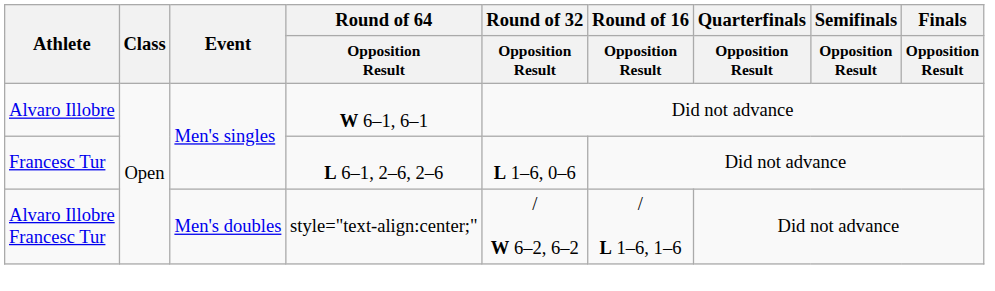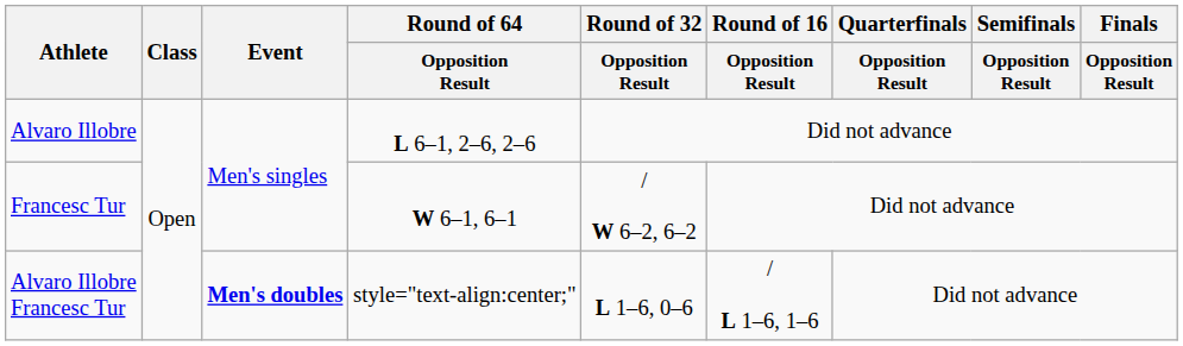 <table class=wikitable style="font-size:90%">
 <tr>
 <th rowspan="2">Athlete</th>
 <th rowspan="2">Class</th>
 <th rowspan="2">Event</th>
 <th>Round of 64</th>
 <th>Round of 32</th>
 <th>Round of 16</th>
 <th>Quarterfinals</th>
 <th>Semifinals</th>
 <th>Finals</th>
 </tr>
 <tr>
 <th style="line-height:1em"><small>Opposition<br>Result</small></th>
 <th style="line-height:1em"><small>Opposition<br>Result</small></th>
 <th style="line-height:1em"><small>Opposition<br>Result</small></th>
 <th style="line-height:1em"><small>Opposition<br>Result</small></th>
 <th style="line-height:1em"><small>Opposition<br>Result</small></th>
 <th style="line-height:1em"><small>Opposition<br>Result</small></th>
 </tr>
 <tr>
 <td><a href='#'>Alvaro Illobre</a></td>
 <td rowspan="3" style="text-align:center;">Open</td>
 <td rowspan="2"><a href='#'>Men's singles</a></td>
-<td style="text-align:center;"><br><strong>W</strong> 6–1, 6–1</td>
+<td style="text-align:center;"><br><strong>L</strong> 6–1, 2–6, 2–6</td>
 <td style="text-align:center;" colspan="5">Did not advance</td>
 </tr>
 <tr>
 <td><a href='#'>Francesc Tur</a></td>
-<td style="text-align:center;"><br><strong>L</strong> 6–1, 2–6, 2–6</td>
-<td style="text-align:center;"><br><strong>L</strong> 1–6, 0–6</td>
+<td style="text-align:center;"><br><strong>W</strong> 6–1, 6–1</td>
+<td style="text-align:center;"> /<br> <br><strong>W</strong> 6–2, 6–2</td>
 <td style="text-align:center;" colspan="4">Did not advance</td>
 </tr>
 <tr>
 <td><a href='#'>Alvaro Illobre</a><br> <a href='#'>Francesc Tur</a></td>
-<td style="text-align:center;"><a href='#'>Men's doubles</a></td>
+<td style="text-align:center;"><strong><a href='#'>Men's doubles</a></strong></td>
 <td>style="text-align:center;" </td>
-<td style="text-align:center;"> /<br> <br><strong>W</strong> 6–2, 6–2</td>
+<td style="text-align:center;"><br><strong>L</strong> 1–6, 0–6</td>
 <td style="text-align:center;"> /<br> <br><strong>L</strong> 1–6, 1–6</td>
 <td style="text-align:center;" colspan="3">Did not advance</td>
 </tr>
 </table>
